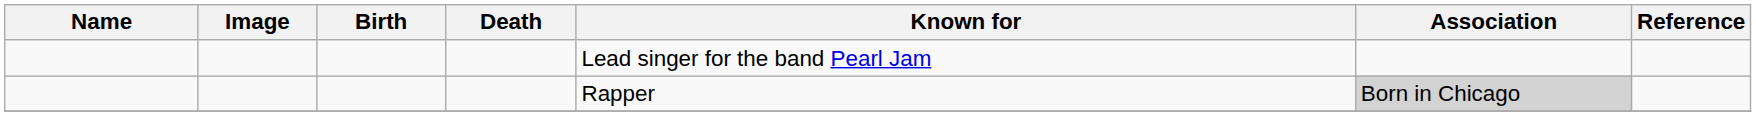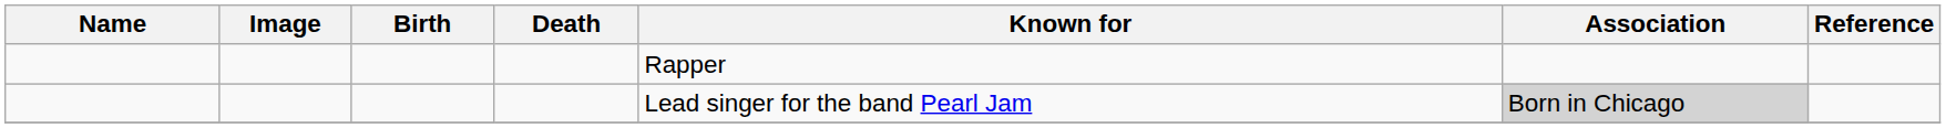 <table class="wikitable sortable">
 <tr>
 <th scope="col" width="140">Name</th>
 <th scope="col" width="80" class="unsortable">Image</th>
 <th scope="col" width="90">Birth</th>
 <th scope="col" width="90">Death</th>
 <th scope="col" width="600" class="unsortable">Known for</th>
 <th scope="col" width="200" class="unsortable">Association</th>
 <th scope="col" width="30" class="unsortable">Reference</th>
 </tr>
 <tr>
 <td></td>
 <td></td>
 <td align=right></td>
 <td></td>
-<td>Lead singer for the band <a href='#'>Pearl Jam</a></td>
+<td>Rapper</td>
 <td></td>
 <td align="center"></td>
 </tr>
 <tr>
 <td></td>
 <td></td>
 <td align=right></td>
 <td align=right></td>
-<td>Rapper</td>
+<td>Lead singer for the band <a href='#'>Pearl Jam</a></td>
 <td style="background: lightgrey;">Born in Chicago</td>
 <td align="center"></td>
 </tr>
 <tr>
 </tr>
 </table>
